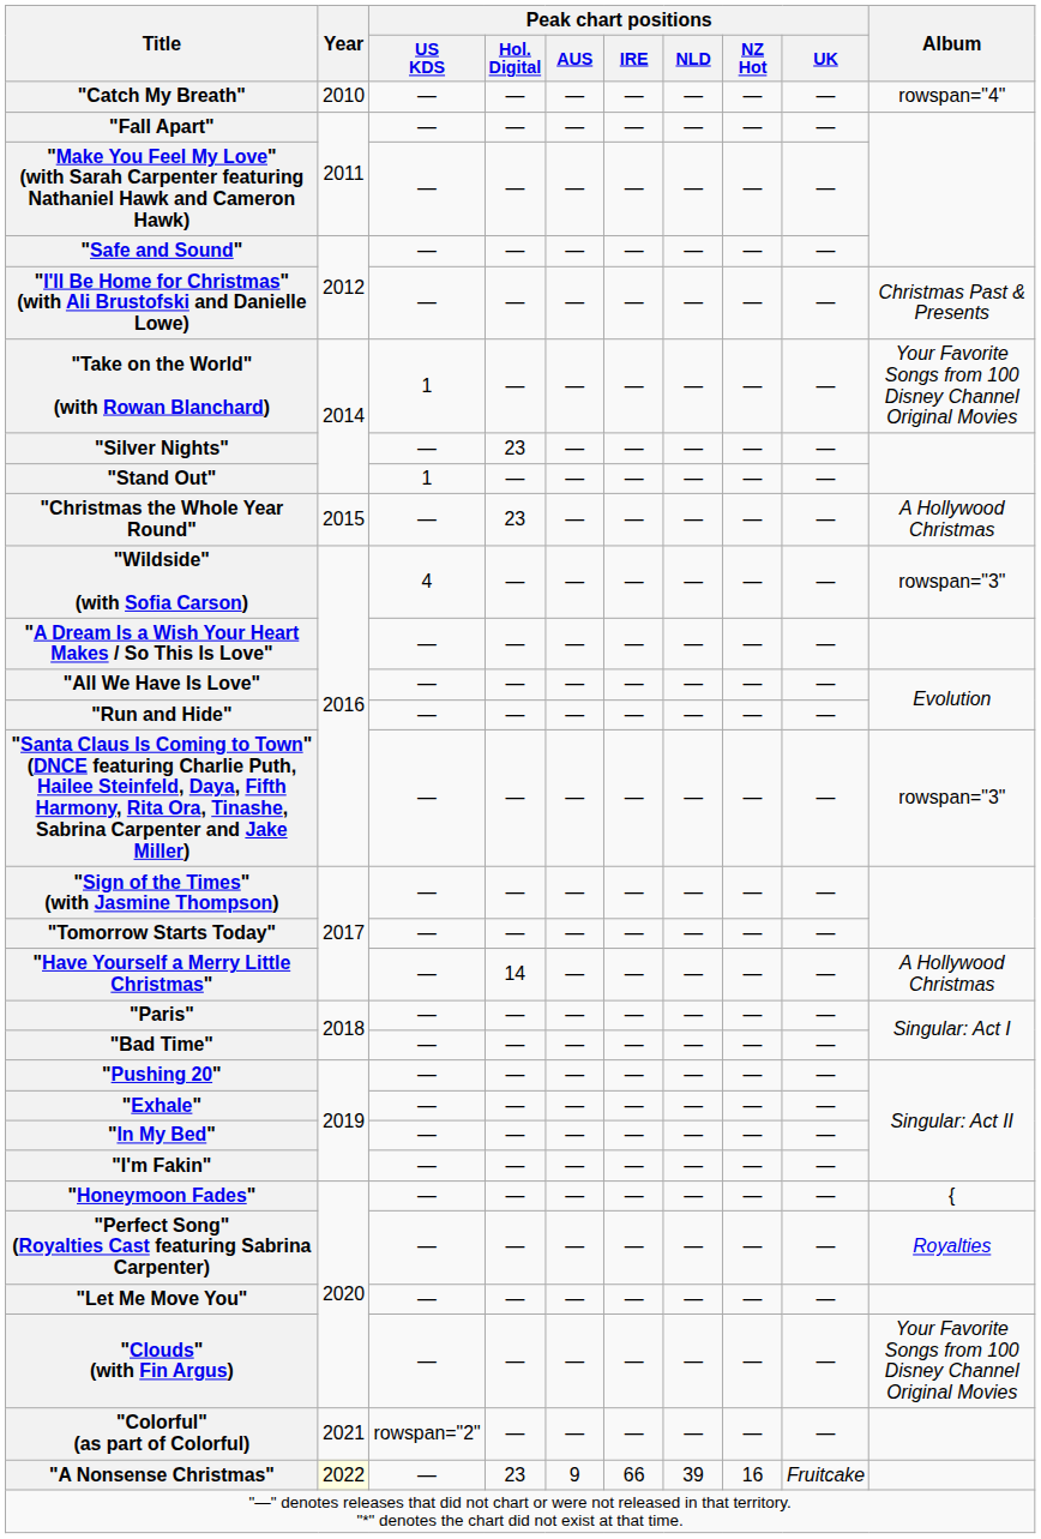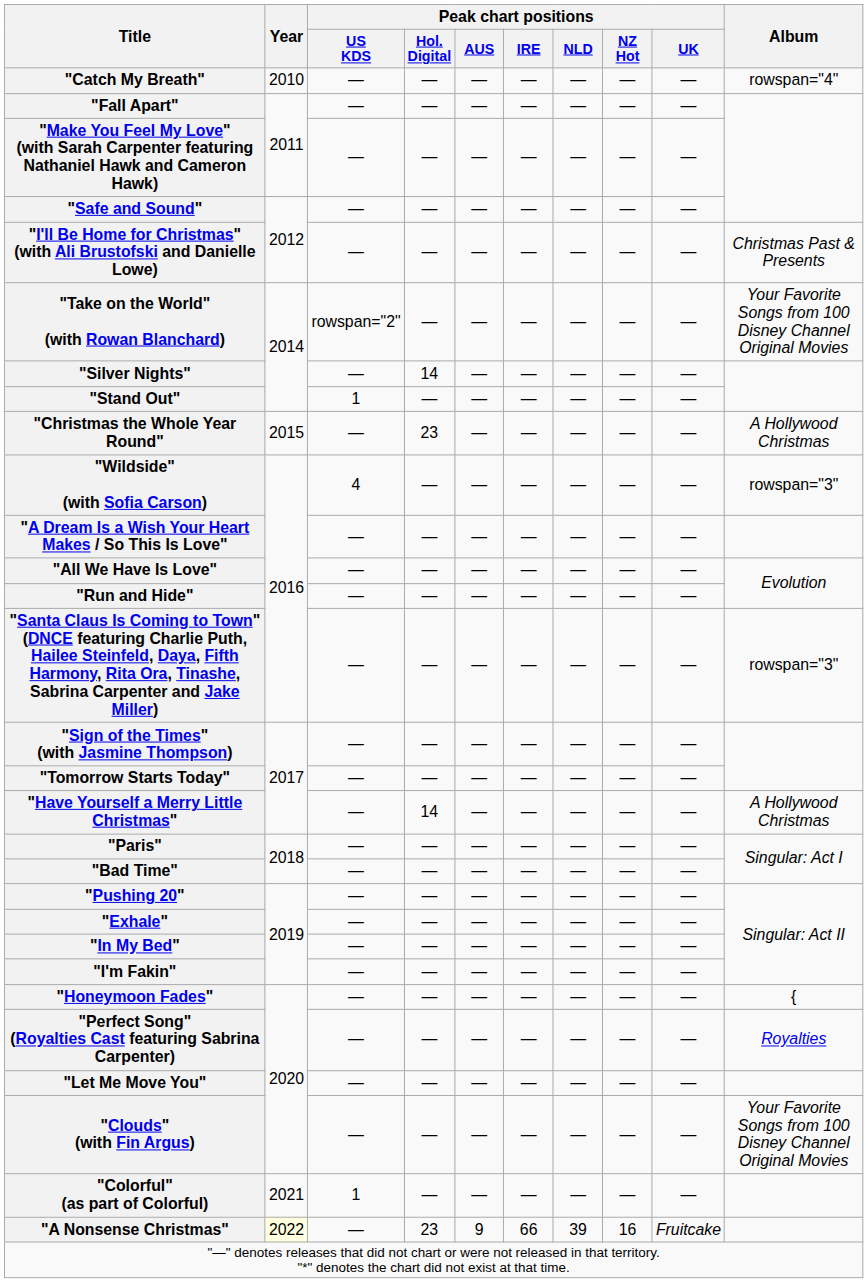 <table class="wikitable plainrowheaders" style="text-align:center;">
 <tr>
 <th scope="col" rowspan="2" style="width:16em;">Title</th>
 <th scope="col" rowspan="2">Year</th>
 <th scope="col" colspan="7">Peak chart positions</th>
 <th scope="col" rowspan="2">Album</th>
 </tr>
 <tr>
 <th scope="col" style="width:3em;font-size:90%;"><a href='#'>US<br>KDS</a><br></th>
 <th scope="col" style="width:3em;font-size:90%;"><a href='#'>Hol.<br>Digital</a><br></th>
 <th scope="col" style="width:3em;font-size:90%;"><a href='#'>AUS</a><br></th>
 <th scope="col" style="width:3em;font-size:90%;"><a href='#'>IRE</a><br></th>
 <th scope="col" style="width:3em;font-size:90%;"><a href='#'>NLD</a><br></th>
 <th scope="col" style="width:3em;font-size:90%;"><a href='#'>NZ<br>Hot</a><br></th>
 <th scope="col" style="width:3em;font-size:90%;"><a href='#'>UK</a><br></th>
 </tr>
 <tr>
 <th scope="row">"Catch My Breath"</th>
 <td>2010</td>
 <td>—</td>
 <td>—</td>
 <td>—</td>
 <td>—</td>
 <td>—</td>
 <td>—</td>
 <td>—</td>
 <td>rowspan="4" </td>
 </tr>
 <tr>
 <th scope="row">"Fall Apart"</th>
 <td rowspan="2">2011</td>
 <td>—</td>
 <td>—</td>
 <td>—</td>
 <td>—</td>
 <td>—</td>
 <td>—</td>
 <td>—</td>
 </tr>
 <tr>
 <th scope="row">"<a href='#'>Make You Feel My Love</a>"<br><span>(with Sarah Carpenter featuring Nathaniel Hawk and Cameron Hawk)</span></th>
 <td>—</td>
 <td>—</td>
 <td>—</td>
 <td>—</td>
 <td>—</td>
 <td>—</td>
 <td>—</td>
 </tr>
 <tr>
 <th scope="row">"<a href='#'>Safe and Sound</a>"</th>
 <td rowspan="2">2012</td>
 <td>—</td>
 <td>—</td>
 <td>—</td>
 <td>—</td>
 <td>—</td>
 <td>—</td>
 <td>—</td>
 </tr>
 <tr>
 <th scope="row">"<a href='#'>I'll Be Home for Christmas</a>"<br><span>(with <a href='#'>Ali Brustofski</a> and Danielle Lowe)</span></th>
 <td>—</td>
 <td>—</td>
 <td>—</td>
 <td>—</td>
 <td>—</td>
 <td>—</td>
 <td>—</td>
 <td><em>Christmas Past & Presents</em></td>
 </tr>
 <tr>
 <th scope="row">"Take on the World"<br><br><span>(with <a href='#'>Rowan Blanchard</a>)</span></th>
 <td rowspan="3">2014</td>
-<td>1</td>
+<td>rowspan="2" </td>
 <td>—</td>
 <td>—</td>
 <td>—</td>
 <td>—</td>
 <td>—</td>
 <td>—</td>
 <td><em>Your Favorite Songs from 100 Disney Channel Original Movies</em></td>
 </tr>
 <tr>
 <th scope="row">"Silver Nights"</th>
 <td>—</td>
-<td>23</td>
+<td>14</td>
 <td>—</td>
 <td>—</td>
 <td>—</td>
 <td>—</td>
 <td>—</td>
 </tr>
 <tr>
 <th scope="row">"Stand Out"</th>
 <td>1</td>
 <td>—</td>
 <td>—</td>
 <td>—</td>
 <td>—</td>
 <td>—</td>
 <td>—</td>
 </tr>
 <tr>
 <th scope="row">"Christmas the Whole Year Round"</th>
 <td>2015</td>
 <td>—</td>
 <td>23</td>
 <td>—</td>
 <td>—</td>
 <td>—</td>
 <td>—</td>
 <td>—</td>
 <td><em>A Hollywood Christmas</em></td>
 </tr>
 <tr>
 <th scope="row">"Wildside"<br><br><span>(with <a href='#'>Sofia Carson</a>)</span></th>
 <td rowspan="5">2016</td>
 <td>4</td>
 <td>—</td>
 <td>—</td>
 <td>—</td>
 <td>—</td>
 <td>—</td>
 <td>—</td>
 <td>rowspan="3" </td>
 </tr>
 <tr>
 <th scope="row">"<a href='#'>A Dream Is a Wish Your Heart Makes</a> / So This Is Love"</th>
 <td>—</td>
 <td>—</td>
 <td>—</td>
 <td>—</td>
 <td>—</td>
 <td>—</td>
 <td>—</td>
 <td></td>
 </tr>
 <tr>
 <th scope="row">"All We Have Is Love"</th>
 <td>—</td>
 <td>—</td>
 <td>—</td>
 <td>—</td>
 <td>—</td>
 <td>—</td>
 <td>—</td>
 <td rowspan="2"><em>Evolution</em></td>
 </tr>
 <tr>
 <th scope="row">"Run and Hide"</th>
 <td>—</td>
 <td>—</td>
 <td>—</td>
 <td>—</td>
 <td>—</td>
 <td>—</td>
 <td>—</td>
 </tr>
 <tr>
 <th scope="row">"<a href='#'>Santa Claus Is Coming to Town</a>"<br><span>(<a href='#'>DNCE</a> featuring Charlie Puth, <a href='#'>Hailee Steinfeld</a>, <a href='#'>Daya</a>, <a href='#'>Fifth Harmony</a>, <a href='#'>Rita Ora</a>, <a href='#'>Tinashe</a>, Sabrina Carpenter and <a href='#'>Jake Miller</a>)</span></th>
 <td>—</td>
 <td>—</td>
 <td>—</td>
 <td>—</td>
 <td>—</td>
 <td>—</td>
 <td>—</td>
 <td>rowspan="3" </td>
 </tr>
 <tr>
 <th scope="row">"<a href='#'>Sign of the Times</a>"<br><span>(with <a href='#'>Jasmine Thompson</a>)</span></th>
 <td rowspan="3">2017</td>
 <td>—</td>
 <td>—</td>
 <td>—</td>
 <td>—</td>
 <td>—</td>
 <td>—</td>
 <td>—</td>
 </tr>
 <tr>
 <th scope="row">"Tomorrow Starts Today"<br></th>
 <td>—</td>
 <td>—</td>
 <td>—</td>
 <td>—</td>
 <td>—</td>
 <td>—</td>
 <td>—</td>
 </tr>
 <tr>
 <th scope="row">"<a href='#'>Have Yourself a Merry Little Christmas</a>"</th>
 <td>—</td>
 <td>14</td>
 <td>—</td>
 <td>—</td>
 <td>—</td>
 <td>—</td>
 <td>—</td>
 <td><em>A Hollywood Christmas</em></td>
 </tr>
 <tr>
 <th scope="row">"Paris"</th>
 <td rowspan="2">2018</td>
 <td>—</td>
 <td>—</td>
 <td>—</td>
 <td>—</td>
 <td>—</td>
 <td>—</td>
 <td>—</td>
 <td rowspan="2"><em>Singular: Act I</em></td>
 </tr>
 <tr>
 <th scope="row">"Bad Time"</th>
 <td>—</td>
 <td>—</td>
 <td>—</td>
 <td>—</td>
 <td>—</td>
 <td>—</td>
 <td>—</td>
 </tr>
 <tr>
 <th scope="row">"<a href='#'>Pushing 20</a>"</th>
 <td rowspan="4">2019</td>
 <td>—</td>
 <td>—</td>
 <td>—</td>
 <td>—</td>
 <td>—</td>
 <td>—</td>
 <td>—</td>
 <td rowspan="4"><em>Singular: Act II</em></td>
 </tr>
 <tr>
 <th scope="row">"<a href='#'>Exhale</a>"</th>
 <td>—</td>
 <td>—</td>
 <td>—</td>
 <td>—</td>
 <td>—</td>
 <td>—</td>
 <td>—</td>
 </tr>
 <tr>
 <th scope="row">"<a href='#'>In My Bed</a>"</th>
 <td>—</td>
 <td>—</td>
 <td>—</td>
 <td>—</td>
 <td>—</td>
 <td>—</td>
 <td>—</td>
 </tr>
 <tr>
 <th scope="row">"I'm Fakin"</th>
 <td>—</td>
 <td>—</td>
 <td>—</td>
 <td>—</td>
 <td>—</td>
 <td>—</td>
 <td>—</td>
 </tr>
 <tr>
 <th scope="row">"<a href='#'>Honeymoon Fades</a>"</th>
 <td rowspan="4">2020</td>
 <td>—</td>
 <td>—</td>
 <td>—</td>
 <td>—</td>
 <td>—</td>
 <td>—</td>
 <td>—</td>
 <td>{</td>
 </tr>
 <tr>
 <th scope="row">"Perfect Song"<br><span>(<a href='#'>Royalties Cast</a> featuring Sabrina Carpenter)</span></th>
 <td>—</td>
 <td>—</td>
 <td>—</td>
 <td>—</td>
 <td>—</td>
 <td>—</td>
 <td>—</td>
 <td><em><a href='#'>Royalties</a></em></td>
 </tr>
 <tr>
 <th scope="row">"Let Me Move You"</th>
 <td>—</td>
 <td>—</td>
 <td>—</td>
 <td>—</td>
 <td>—</td>
 <td>—</td>
 <td>—</td>
 <td></td>
 </tr>
 <tr>
 <th scope="row">"<a href='#'>Clouds</a>"<br><span>(with <a href='#'>Fin Argus</a>)</span></th>
 <td>—</td>
 <td>—</td>
 <td>—</td>
 <td>—</td>
 <td>—</td>
 <td>—</td>
 <td>—</td>
 <td><em>Your Favorite Songs from 100 Disney Channel Original Movies</em></td>
 </tr>
 <tr>
 <th scope="row">"Colorful"<br><span>(as part of Colorful)</span></th>
 <td>2021</td>
-<td>rowspan="2" </td>
+<td>1</td>
 <td>—</td>
 <td>—</td>
 <td>—</td>
 <td>—</td>
 <td>—</td>
 <td>—</td>
 <td></td>
 </tr>
 <tr>
 <th scope="row">"A Nonsense Christmas"</th>
 <td style="background: lightyellow;">2022</td>
 <td>—</td>
 <td>23</td>
 <td>9<br></td>
 <td>66</td>
 <td>39</td>
 <td>16</td>
 <td><em>Fruitcake</em></td>
 </tr>
 <tr>
 <td colspan="10" style="font-size:85%">"—" denotes releases that did not chart or were not released in that territory.<br>"*" denotes the chart did not exist at that time.</td>
 </tr>
 </table>
